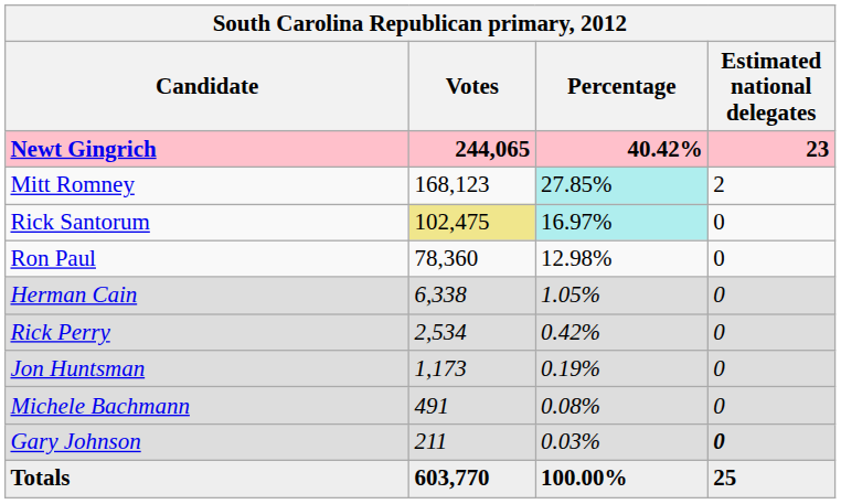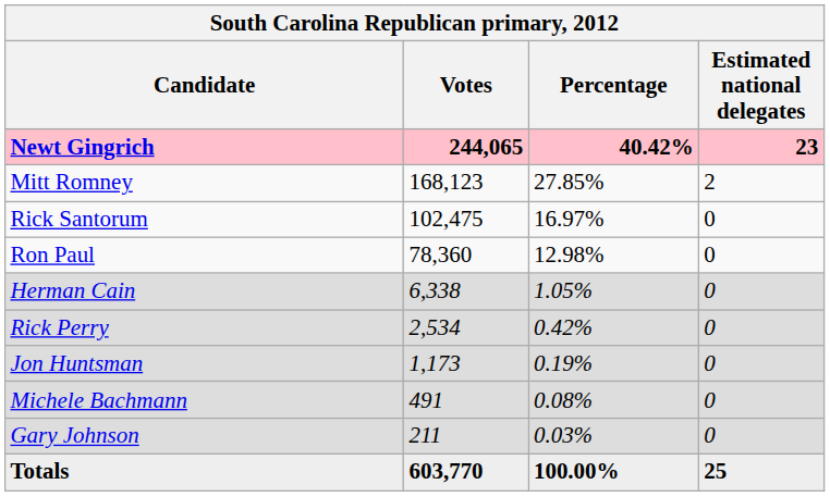 <table class="wikitable">
 <tr>
 <th colspan="4">South Carolina Republican primary, 2012</th>
 </tr>
 <tr>
 <th style="width: 17em">Candidate</th>
 <th style="width: 5em">Votes</th>
 <th style="width: 7em">Percentage</th>
 <th style="width: 5em">Estimated national delegates</th>
 </tr>
 <tr align="right" bgcolor="pink">
 <td align="left"><strong><a href='#'>Newt Gingrich</a></strong></td>
 <td><strong>244,065</strong></td>
 <td><strong>40.42%</strong></td>
 <td><strong>23</strong></td>
 </tr>
 <tr>
 <td align="left"><a href='#'>Mitt Romney</a></td>
 <td>168,123</td>
-<td style="background: paleturquoise;">27.85%</td>
+<td>27.85%</td>
 <td>2</td>
 </tr>
 <tr>
 <td align="left"><a href='#'>Rick Santorum</a></td>
-<td style="background: khaki;">102,475</td>
-<td style="background: paleturquoise;">16.97%</td>
+<td>102,475</td>
+<td>16.97%</td>
 <td>0</td>
 </tr>
 <tr>
 <td align="left"><a href='#'>Ron Paul</a></td>
 <td>78,360</td>
 <td>12.98%</td>
 <td>0</td>
 </tr>
 <tr bgcolor=DDDDDD>
 <td align="left"><em><a href='#'>Herman Cain</a></em></td>
 <td><em>6,338</em></td>
 <td><em>1.05%</em></td>
 <td><em>0</em></td>
 </tr>
 <tr bgcolor=DDDDDD>
 <td align="left"><em><a href='#'>Rick Perry</a></em></td>
 <td><em>2,534</em></td>
 <td><em>0.42%</em></td>
 <td><em>0</em></td>
 </tr>
 <tr bgcolor=DDDDDD>
 <td align="left"><a href='#'><em>Jon Huntsman</em></a></td>
 <td><em>1,173</em></td>
 <td><em>0.19%</em></td>
 <td><em>0</em></td>
 </tr>
 <tr bgcolor=DDDDDD>
 <td align="left"><em><a href='#'>Michele Bachmann</a></em></td>
 <td><em>491</em></td>
 <td><em>0.08%</em></td>
 <td><em>0</em></td>
 </tr>
 <tr bgcolor=DDDDDD>
 <td align="left"><em><a href='#'>Gary Johnson</a></em></td>
 <td><em>211</em></td>
 <td><em>0.03%</em></td>
-<td><strong><em>0</em></strong></td>
+<td><em>0</em></td>
 </tr>
 <tr bgcolor="#EEEEEE">
 <td><strong>Totals</strong></td>
 <td><strong>603,770</strong></td>
 <td><strong>100.00%</strong></td>
 <td><strong>25</strong></td>
 </tr>
 </table>
